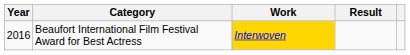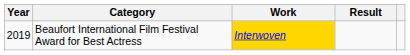 <table class="wikitable">
 <tr>
 <th scope="col" style="width:1em;">Year</th>
 <th scope="col" style="width:44em;">Category</th>
 <th scope="col" style="width:18em;">Work</th>
 <th scope="col" style="width:10em;">Result</th>
 <th class="unsortable" style="width:1em;"></th>
 </tr>
 <tr>
-<td>2016</td>
+<td>2019</td>
 <td>Beaufort International Film Festival Award for Best Actress </td>
 <td style="background: gold;"><em><a href='#'>Interwoven</a></em></td>
 <td></td>
 <td></td>
 </tr>
 </table>
